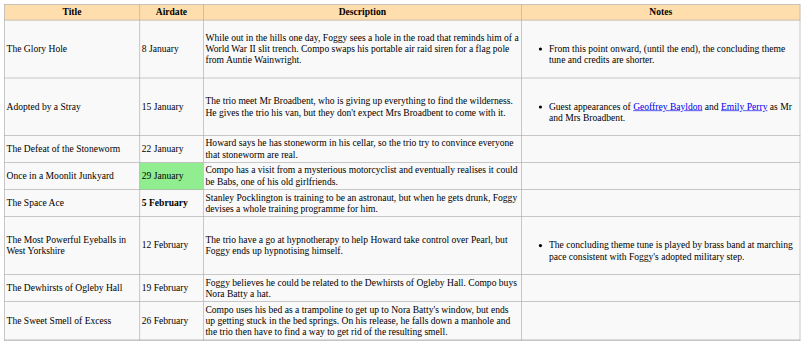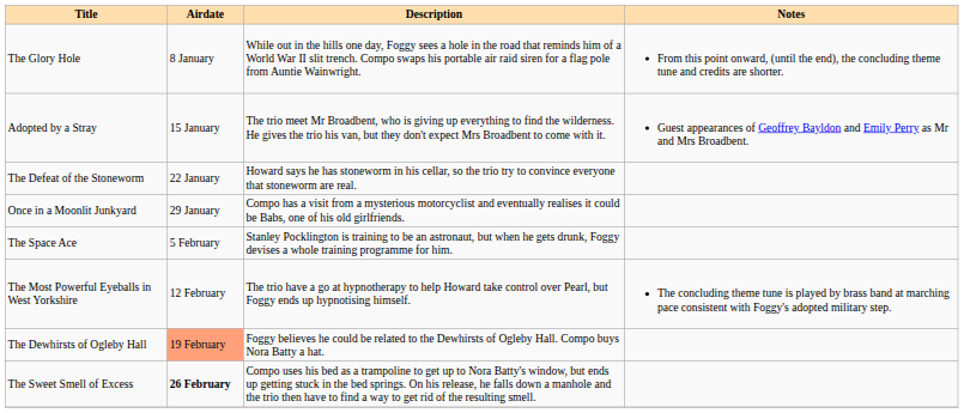 <table class="wikitable" width=100% border=1 style="font-size: 95%">
 <tr>
 <th style="background:#ffdead" width=17%>Title</th>
 <th style="background:#ffdead" width=8%>Airdate</th>
 <th style="background:#ffdead" width=40%>Description</th>
 <th style="background:#ffdead" width=35%>Notes</th>
 </tr>
 <tr>
 <td>The Glory Hole</td>
 <td>8 January</td>
 <td>While out in the hills one day, Foggy sees a hole in the road that reminds him of a World War II slit trench. Compo swaps his portable air raid siren for a flag pole from Auntie Wainwright.</td>
 <td><br><ul><li>From this point onward, (until the end), the concluding theme tune and credits are shorter.</li></ul></td>
 </tr>
 <tr>
 <td>Adopted by a Stray</td>
 <td>15 January</td>
 <td>The trio meet Mr Broadbent, who is giving up everything to find the wilderness. He gives the trio his van, but they don't expect Mrs Broadbent to come with it.</td>
 <td><br><ul><li>Guest appearances of <a href='#'>Geoffrey Bayldon</a> and <a href='#'>Emily Perry</a> as Mr and Mrs Broadbent.</li></ul></td>
 </tr>
 <tr>
 <td>The Defeat of the Stoneworm</td>
 <td>22 January</td>
 <td>Howard says he has stoneworm in his cellar, so the trio try to convince everyone that stoneworm are real.</td>
 <td></td>
 </tr>
 <tr>
 <td>Once in a Moonlit Junkyard</td>
-<td style="background: lightgreen;">29 January</td>
+<td>29 January</td>
 <td>Compo has a visit from a mysterious motorcyclist and eventually realises it could be Babs, one of his old girlfriends.</td>
 <td></td>
 </tr>
 <tr>
 <td>The Space Ace</td>
-<td><strong>5 February</strong></td>
+<td>5 February</td>
 <td>Stanley Pocklington is training to be an astronaut, but when he gets drunk, Foggy devises a whole training programme for him.</td>
 <td></td>
 </tr>
 <tr>
 <td>The Most Powerful Eyeballs in West Yorkshire</td>
 <td>12 February</td>
 <td>The trio have a go at hypnotherapy to help Howard take control over Pearl, but Foggy ends up hypnotising himself.</td>
 <td><br><ul><li>The concluding theme tune is played by brass band at marching pace consistent with Foggy's adopted military step.</li></ul></td>
 </tr>
 <tr>
 <td>The Dewhirsts of Ogleby Hall</td>
-<td>19 February</td>
+<td style="background: lightsalmon;">19 February</td>
 <td>Foggy believes he could be related to the Dewhirsts of Ogleby Hall. Compo buys Nora Batty a hat.</td>
 <td></td>
 </tr>
 <tr>
 <td>The Sweet Smell of Excess</td>
-<td>26 February</td>
+<td><strong>26 February</strong></td>
 <td>Compo uses his bed as a trampoline to get up to Nora Batty's window, but ends up getting stuck in the bed springs. On his release, he falls down a manhole and the trio then have to find a way to get rid of the resulting smell.</td>
 <td></td>
 </tr>
 <tr>
 </tr>
 </table>
